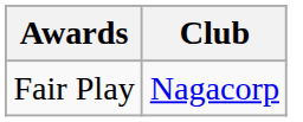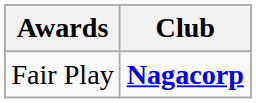 <table class="wikitable" style="font-size: 95%;">
 <tr>
 <th>Awards</th>
 <th>Club</th>
 </tr>
 <tr>
 <td>Fair Play</td>
-<td><a href='#'>Nagacorp</a></td>
+<td><strong><a href='#'>Nagacorp</a></strong></td>
 </tr>
 </table>
